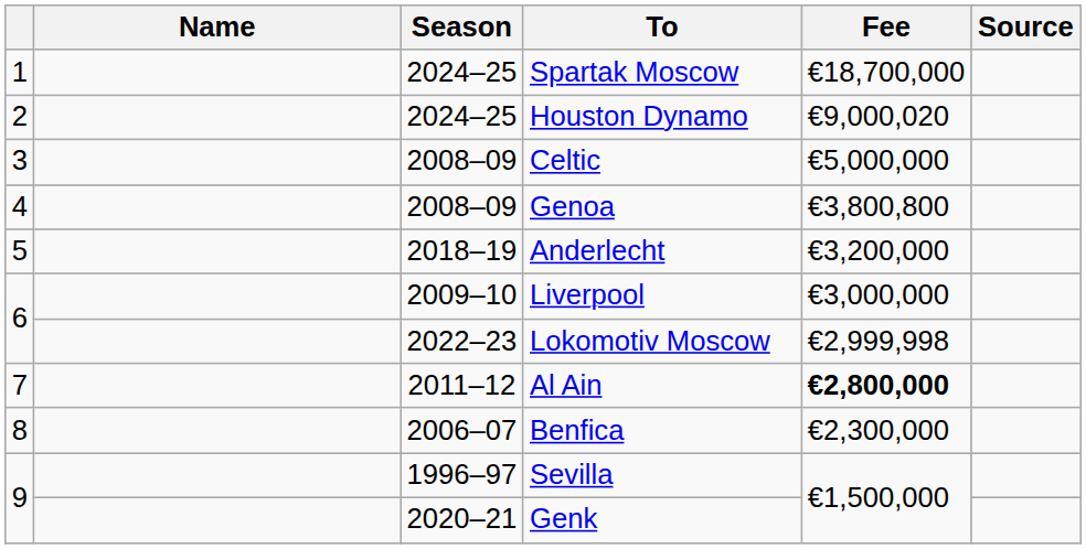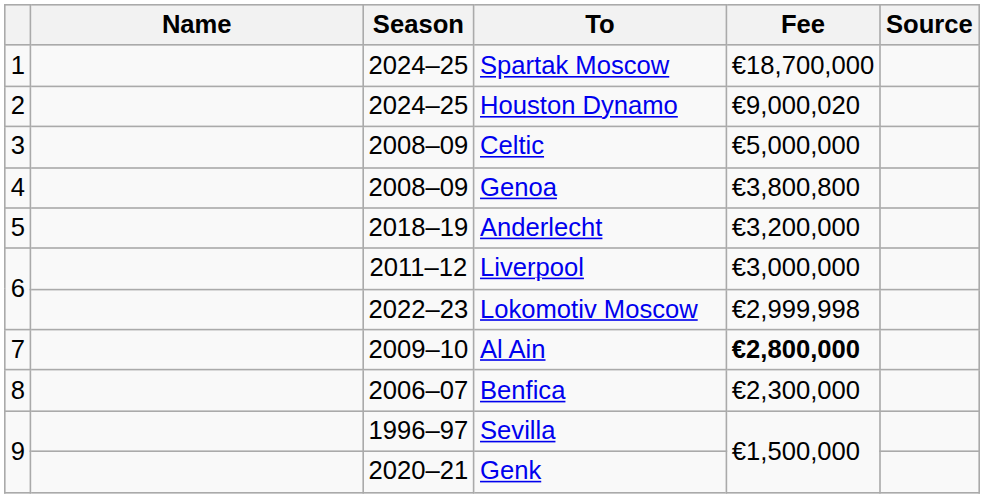 <table class="wikitable sortable" style="text-align: center;">
 <tr>
 <th></th>
 <th width=200>Name</th>
 <th>Season</th>
 <th width=150>To</th>
 <th>Fee</th>
 <th>Source</th>
 </tr>
 <tr>
 <td>1</td>
 <td align=left></td>
 <td>2024–25</td>
 <td align=left> <a href='#'>Spartak Moscow</a></td>
 <td align=left>€18,700,000</td>
 <td></td>
 </tr>
 <tr>
 <td>2</td>
 <td align=left></td>
 <td>2024–25</td>
 <td align=left> <a href='#'>Houston Dynamo</a></td>
 <td align=left>€9,000,020</td>
 <td></td>
 </tr>
 <tr>
 <td>3</td>
 <td align=left></td>
 <td>2008–09</td>
 <td align=left> <a href='#'>Celtic</a></td>
 <td align=left>€5,000,000</td>
 <td></td>
 </tr>
 <tr>
 <td>4</td>
 <td align=left></td>
 <td>2008–09</td>
 <td align=left> <a href='#'>Genoa</a></td>
 <td align=left>€3,800,800</td>
 <td></td>
 </tr>
 <tr>
 <td>5</td>
 <td align=left></td>
 <td>2018–19</td>
 <td align=left> <a href='#'>Anderlecht</a></td>
 <td align=left>€3,200,000</td>
 <td></td>
 </tr>
 <tr>
 <td rowspan=2>6</td>
 <td align=left></td>
-<td>2009–10</td>
+<td>2011–12</td>
 <td align=left> <a href='#'>Liverpool</a></td>
 <td align=left>€3,000,000</td>
 <td></td>
 </tr>
 <tr>
 <td align=left></td>
 <td>2022–23</td>
 <td align=left> <a href='#'>Lokomotiv Moscow</a></td>
 <td align=left>€2,999,998</td>
 <td></td>
 </tr>
 <tr>
 <td>7</td>
 <td align=left></td>
-<td>2011–12</td>
+<td>2009–10</td>
 <td align=left> <a href='#'>Al Ain</a></td>
 <td align=left><strong>€2,800,000</strong></td>
 <td></td>
 </tr>
 <tr>
 <td>8</td>
 <td align=left></td>
 <td>2006–07</td>
 <td align=left> <a href='#'>Benfica</a></td>
 <td align=left>€2,300,000</td>
 <td></td>
 </tr>
 <tr>
 <td rowspan=2>9</td>
 <td align=left></td>
 <td>1996–97</td>
 <td align=left> <a href='#'>Sevilla</a></td>
 <td align=left rowspan=2>€1,500,000</td>
 <td></td>
 </tr>
 <tr>
 <td align=left></td>
 <td>2020–21</td>
 <td align=left> <a href='#'>Genk</a></td>
 <td></td>
 </tr>
 </table>
